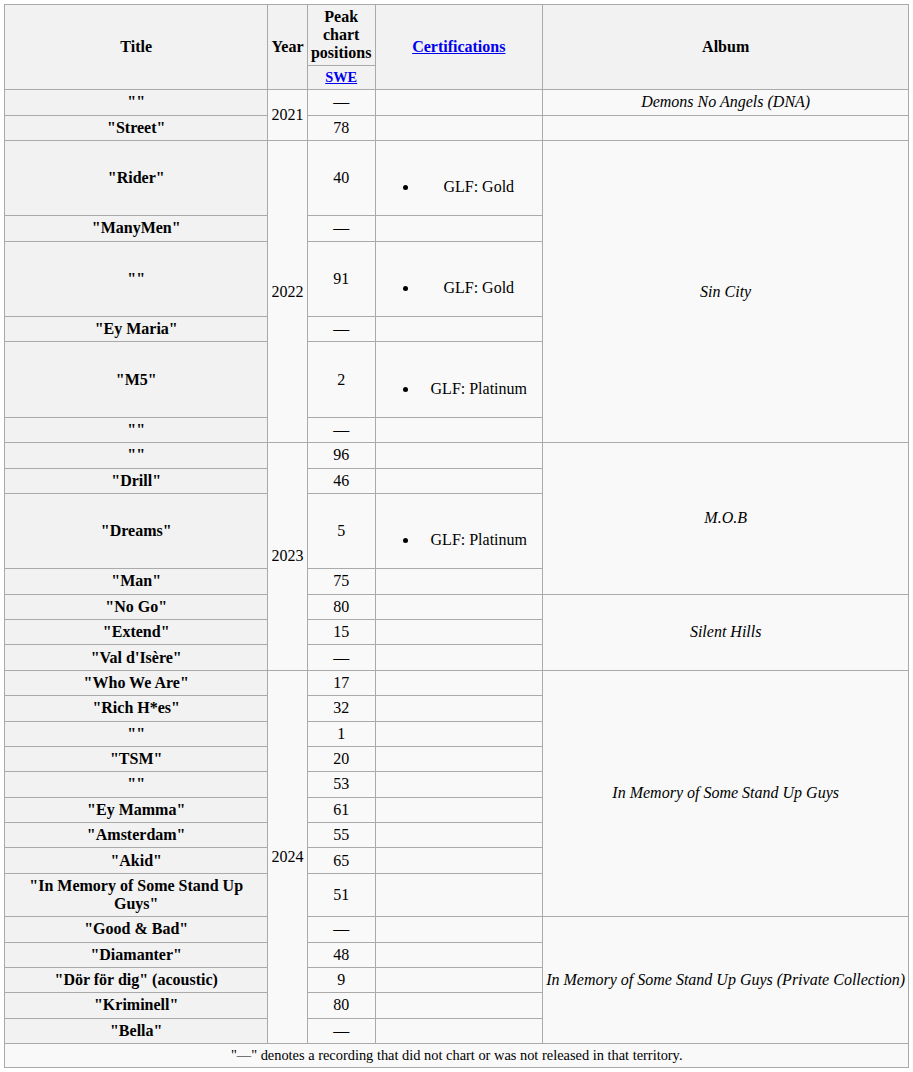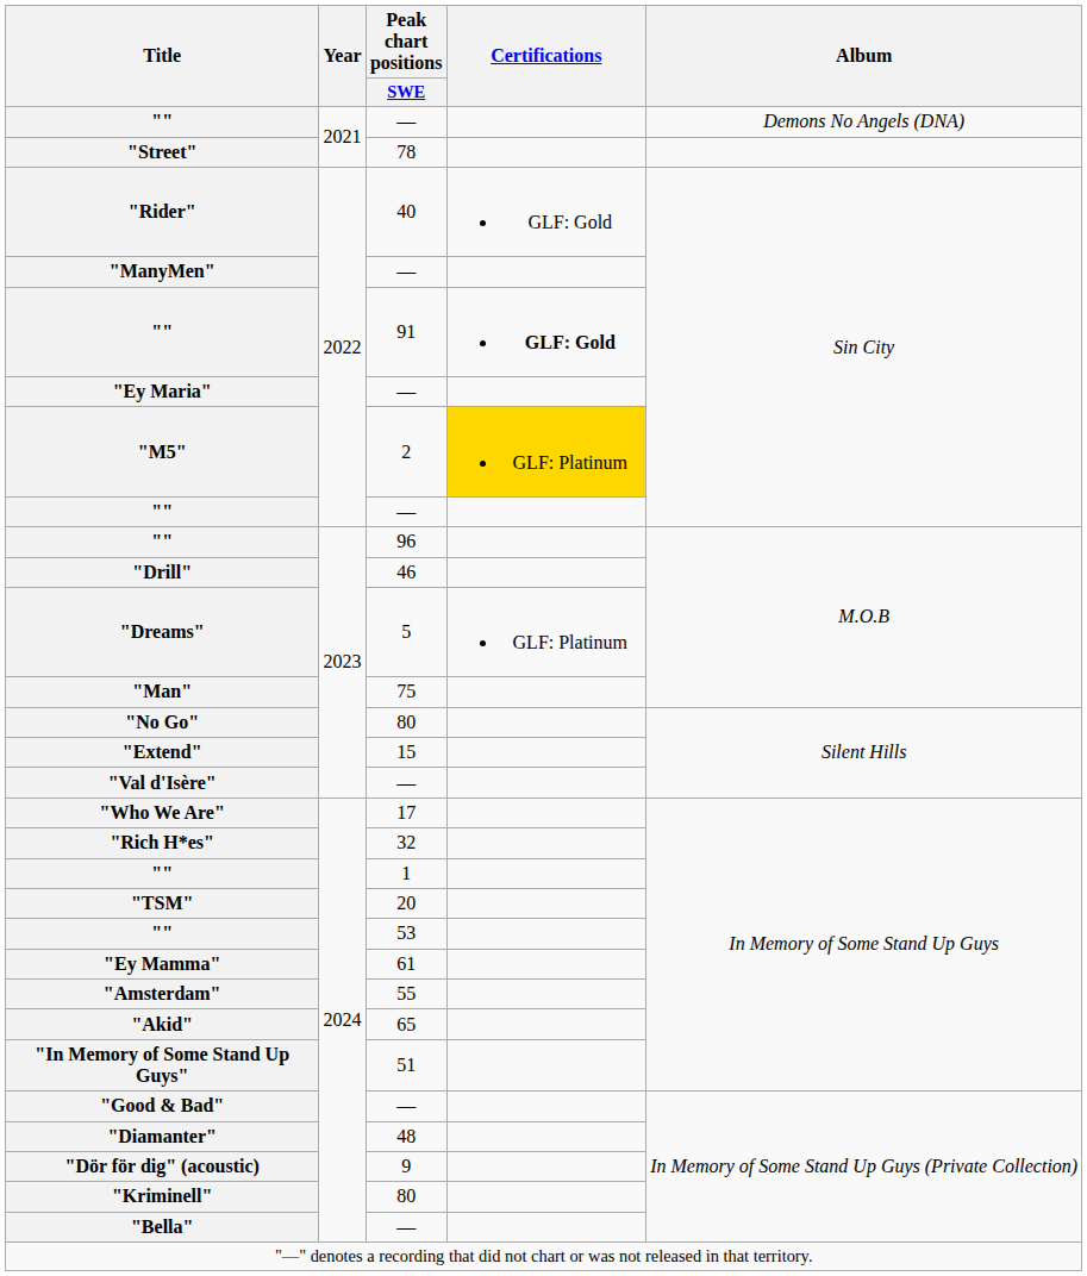 <table class="wikitable plainrowheaders" style="text-align:center;">
 <tr>
 <th scope="col" rowspan="2" style="width:16em;">Title</th>
 <th scope="col" rowspan="2">Year</th>
 <th scope="col" colspan="1">Peak chart positions</th>
 <th scope="col" rowspan="2" style="width:10em;"><a href='#'>Certifications</a></th>
 <th scope="col" rowspan="2">Album</th>
 </tr>
 <tr>
 <th scope="col" style="width:3em;font-size:90%;"><a href='#'>SWE</a><br></th>
 </tr>
 <tr>
 <th scope="row">""</th>
 <td rowspan="2">2021</td>
 <td>—</td>
 <td></td>
 <td><em>Demons No Angels (DNA)</em></td>
 </tr>
 <tr>
 <th scope="row">"Street"<br></th>
 <td>78<br></td>
 <td></td>
 <td></td>
 </tr>
 <tr>
 <th scope="row">"Rider"</th>
 <td rowspan="6">2022</td>
 <td>40</td>
 <td><br><ul><li>GLF: Gold</li></ul></td>
 <td rowspan="6"><em>Sin City</em></td>
 </tr>
 <tr>
 <th scope="row">"ManyMen"</th>
 <td>—</td>
 <td></td>
 </tr>
 <tr>
 <th scope="row">""</th>
 <td>91</td>
-<td><br><ul><li>GLF: Gold</li></ul></td>
+<td><strong><br><ul><li>GLF: Gold</li></ul></strong></td>
 </tr>
 <tr>
 <th scope="row">"Ey Maria"</th>
 <td>—</td>
 <td></td>
 </tr>
 <tr>
 <th scope="row">"M5"<br></th>
 <td>2</td>
-<td><br><ul><li>GLF: Platinum</li></ul></td>
+<td style="background: gold;"><br><ul><li>GLF: Platinum</li></ul></td>
 </tr>
 <tr>
 <th scope="row">""</th>
 <td>—</td>
 <td></td>
 </tr>
 <tr>
 <th scope="row">""<br></th>
 <td rowspan="7">2023</td>
 <td>96</td>
 <td></td>
 <td rowspan="4"><em>M.O.B</em></td>
 </tr>
 <tr>
 <th scope="row">"Drill"<br></th>
 <td>46</td>
 <td></td>
 </tr>
 <tr>
 <th scope="row">"Dreams"<br></th>
 <td>5</td>
 <td><br><ul><li>GLF: Platinum</li></ul></td>
 </tr>
 <tr>
 <th scope="row">"Man"<br></th>
 <td>75</td>
 <td></td>
 </tr>
 <tr>
 <th scope="row">"No Go"</th>
 <td>80</td>
 <td></td>
 <td rowspan="3"><em>Silent Hills</em></td>
 </tr>
 <tr>
 <th scope="row">"Extend"</th>
 <td>15</td>
 <td></td>
 </tr>
 <tr>
 <th scope="row">"Val d'Isère"</th>
 <td>—</td>
 <td></td>
 </tr>
 <tr>
 <th scope="row">"Who We Are"</th>
 <td rowspan="14">2024</td>
 <td>17</td>
 <td></td>
 <td rowspan="9"><em>In Memory of Some Stand Up Guys</em></td>
 </tr>
 <tr>
 <th scope="row">"Rich H*es"</th>
 <td>32</td>
 <td></td>
 </tr>
 <tr>
 <th scope="row">""</th>
 <td>1</td>
 <td></td>
 </tr>
 <tr>
 <th scope="row">"TSM"</th>
 <td>20</td>
 <td></td>
 </tr>
 <tr>
 <th scope="row">""</th>
 <td>53</td>
 <td></td>
 </tr>
 <tr>
 <th scope="row">"Ey Mamma"</th>
 <td>61</td>
 <td></td>
 </tr>
 <tr>
 <th scope="row">"Amsterdam"</th>
 <td>55</td>
 <td></td>
 </tr>
 <tr>
 <th scope="row">"Akid"</th>
 <td>65</td>
 <td></td>
 </tr>
 <tr>
 <th scope="row">"In Memory of Some Stand Up Guys"</th>
 <td>51</td>
 <td></td>
 </tr>
 <tr>
 <th scope="row">"Good & Bad"</th>
 <td>—</td>
 <td></td>
 <td rowspan="5"><em>In Memory of Some Stand Up Guys (Private Collection)</em></td>
 </tr>
 <tr>
 <th scope="row">"Diamanter"</th>
 <td>48</td>
 <td></td>
 </tr>
 <tr>
 <th scope="row">"Dör för dig" (acoustic)</th>
 <td>9</td>
 <td></td>
 </tr>
 <tr>
 <th scope="row">"Kriminell"</th>
 <td>80</td>
 <td></td>
 </tr>
 <tr>
 <th scope="row">"Bella"</th>
 <td>—</td>
 <td></td>
 </tr>
 <tr>
 <td colspan="14" style="font-size:90%">"—" denotes a recording that did not chart or was not released in that territory.</td>
 </tr>
 </table>
